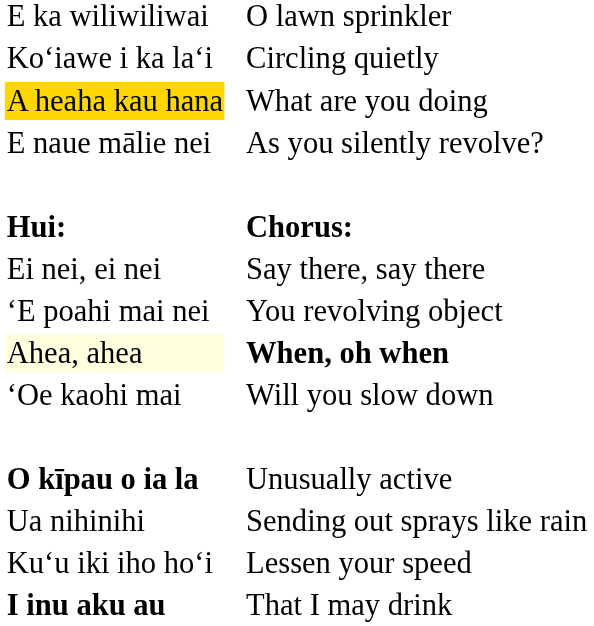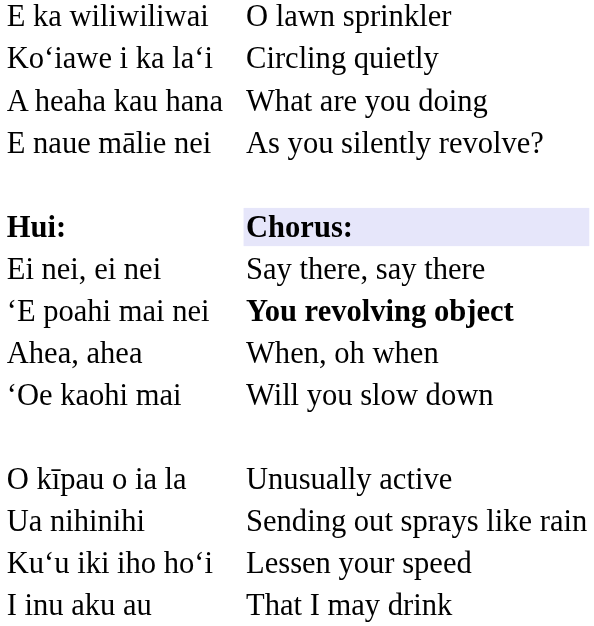 <table>
 <tr>
 <td>E ka wiliwiliwai</td>
 <td rowspan=99> </td>
 <td>O lawn sprinkler</td>
 </tr>
 <tr>
 <td>Koʻiawe i ka laʻi</td>
 <td>Circling quietly</td>
 </tr>
 <tr>
-<td style="background: gold;">A heaha kau hana</td>
+<td>A heaha kau hana</td>
 <td>What are you doing</td>
 </tr>
 <tr>
 <td>E naue mālie nei</td>
 <td>As you silently revolve?</td>
 </tr>
 <tr>
 <td> </td>
 <td> </td>
 </tr>
 <tr>
 <td><strong>Hui:</strong></td>
-<td><strong>Chorus:</strong></td>
+<td style="background: lavender;"><strong>Chorus:</strong></td>
 </tr>
 <tr>
 <td>Ei nei, ei nei</td>
 <td>Say there, say there</td>
 </tr>
 <tr>
 <td>ʻE poahi mai nei</td>
-<td>You revolving object</td>
+<td><strong>You revolving object</strong></td>
 </tr>
 <tr>
-<td style="background: lightyellow;">Ahea, ahea</td>
-<td><strong>When, oh when</strong></td>
+<td>Ahea, ahea</td>
+<td>When, oh when</td>
 </tr>
 <tr>
 <td>ʻOe kaohi mai</td>
 <td>Will you slow down</td>
 </tr>
 <tr>
 <td> </td>
 <td> </td>
 </tr>
 <tr>
-<td><strong>O kīpau o ia la</strong></td>
+<td>O kīpau o ia la</td>
 <td>Unusually active</td>
 </tr>
 <tr>
 <td>Ua nihinihi</td>
 <td>Sending out sprays like rain</td>
 </tr>
 <tr>
 <td>Kuʻu iki iho hoʻi</td>
 <td>Lessen your speed</td>
 </tr>
 <tr>
-<td><strong>I inu aku au</strong></td>
+<td>I inu aku au</td>
 <td>That I may drink</td>
 </tr>
 </table>
